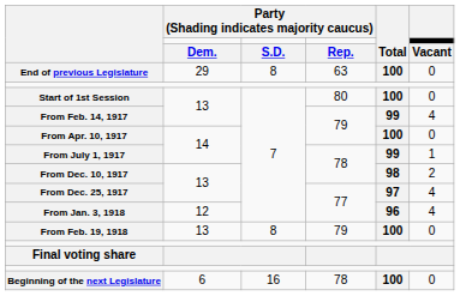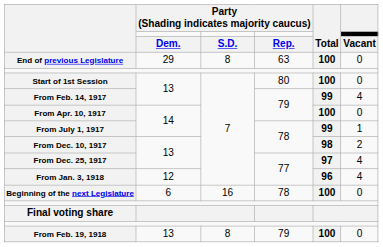 <table class=wikitable style="text-align:center">
 <tr style="vertical-align:bottom;">
 <th rowspan=3></th>
 <th colspan=3>Party <div>(Shading indicates majority caucus)</div></th>
 <th rowspan=3>Total</th>
 <th></th>
 </tr>
 <tr style="height:5px">
 <td style="background-color:"></td>
 <td style="background-color:"></td>
 <td style="background-color:"></td>
 <td style="background:black;"></td>
 </tr>
 <tr>
 <th><a href='#'>Dem.</a></th>
 <th><a href='#'>S.D.</a></th>
 <th><a href='#'>Rep.</a></th>
 <th>Vacant</th>
 </tr>
 <tr>
 <th style="font-size:80%;">End of <a href='#'>previous Legislature</a></th>
 <td>29</td>
 <td>8</td>
 <td>63</td>
 <th>100</th>
 <td>0</td>
 </tr>
 <tr>
 <td colspan=6></td>
 </tr>
 <tr>
 <th style="font-size:80%;">Start of 1st Session</th>
 <td rowspan="2">13</td>
 <td rowspan="7">7</td>
 <td>80</td>
 <th>100</th>
 <td>0</td>
 </tr>
 <tr>
 <th style="font-size:80%;">From Feb. 14, 1917</th>
 <td rowspan="2" >79</td>
 <th>99</th>
 <td>4</td>
 </tr>
 <tr>
 <th style="font-size:80%;">From Apr. 10, 1917</th>
 <td rowspan="2">14</td>
 <th>100</th>
 <td>0</td>
 </tr>
 <tr>
 <th style="font-size:80%;">From July 1, 1917</th>
 <td rowspan="2" >78</td>
 <th>99</th>
 <td>1</td>
 </tr>
 <tr>
 <th style="font-size:80%;">From Dec. 10, 1917</th>
 <td rowspan="2">13</td>
 <th>98</th>
 <td>2</td>
 </tr>
 <tr>
 <th style="font-size:80%;">From Dec. 25, 1917</th>
 <td rowspan="2" >77</td>
 <th>97</th>
 <td>4</td>
 </tr>
 <tr>
 <th style="font-size:80%;">From Jan. 3, 1918</th>
 <td>12</td>
 <th>96</th>
 <td>4</td>
 </tr>
 <tr>
-<th style="font-size:80%;">From Feb. 19, 1918</th>
-<td>13</td>
-<td>8</td>
-<td>79</td>
+<th style="font-size:80%;">Beginning of the <a href='#'>next Legislature</a></th>
+<td>6</td>
+<td>16</td>
+<td>78</td>
 <th>100</th>
 <td>0</td>
 </tr>
 <tr>
 <td colspan=6></td>
 </tr>
 <tr>
 <th>Final voting share</th>
 <th colspan=2></th>
 <th></th>
 <th colspan=2></th>
 </tr>
 <tr>
 <td colspan=6></td>
 </tr>
 <tr>
-<th style="font-size:80%;">Beginning of the <a href='#'>next Legislature</a></th>
-<td>6</td>
-<td>16</td>
-<td>78</td>
+<th style="font-size:80%;">From Feb. 19, 1918</th>
+<td>13</td>
+<td>8</td>
+<td>79</td>
 <th>100</th>
 <td>0</td>
 </tr>
 </table>
